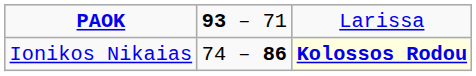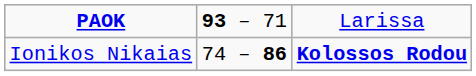 <table class="wikitable" style="text-align: center; font-size:100%">
 <tr>
 <td><strong><a href='#'>PAOK</a></strong></td>
 <td><strong>93</strong> – 71</td>
 <td><a href='#'>Larissa</a></td>
 </tr>
 <tr>
 <td><a href='#'>Ionikos Nikaias</a></td>
 <td>74 – <strong>86</strong></td>
-<td style="background: lightyellow;"><strong><a href='#'>Kolossos Rodou</a></strong></td>
+<td><strong><a href='#'>Kolossos Rodou</a></strong></td>
 </tr>
 </table>
